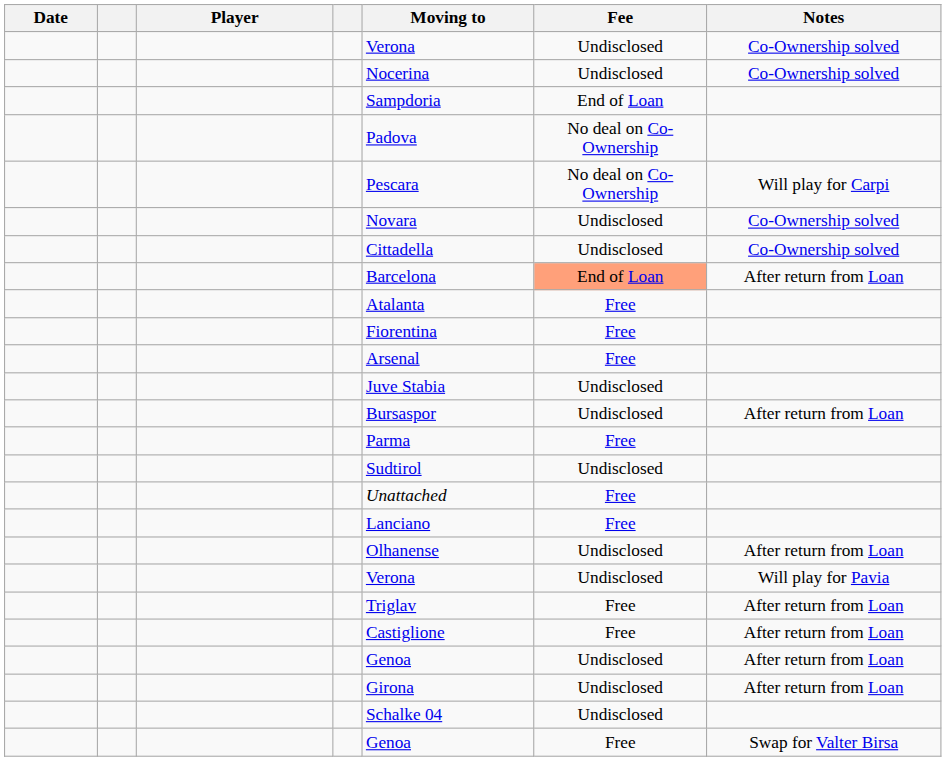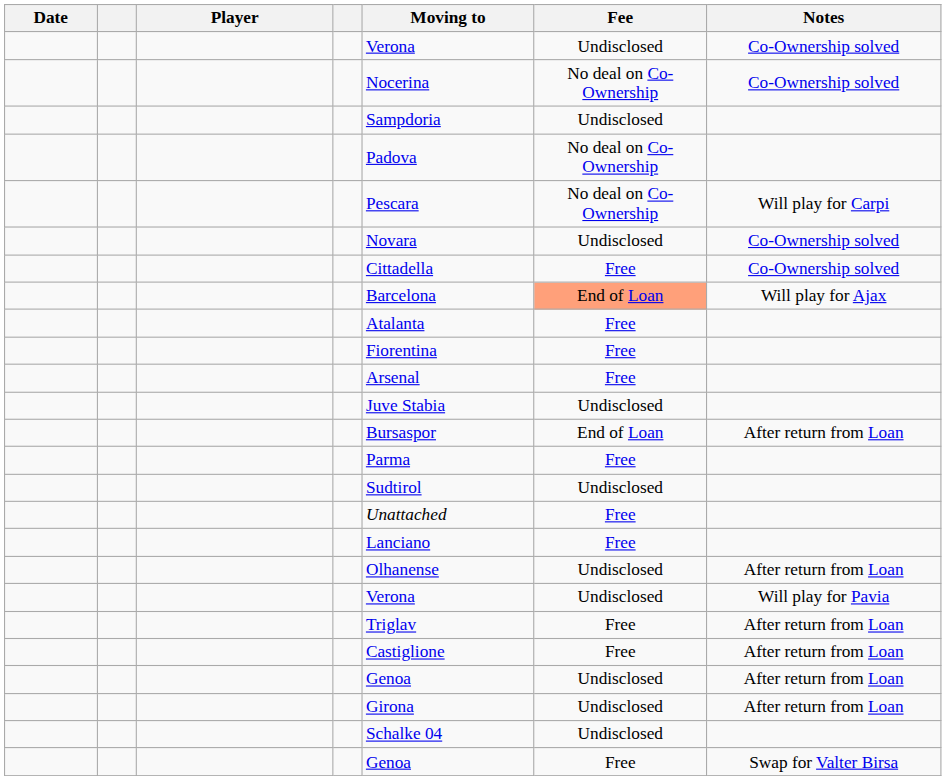 <table class="wikitable sortable">
 <tr>
 <th style="width:80px;">Date</th>
 <th style="width:30px;"></th>
 <th style="width:180px;">Player</th>
 <th style="width:20px;"></th>
 <th style="width:155px;">Moving to</th>
 <th style="width:155px;" class="unsortable">Fee</th>
 <th style="width:215px;" class="unsortable">Notes</th>
 </tr>
 <tr>
 <td></td>
 <td align=center></td>
 <td> </td>
 <td></td>
 <td> <a href='#'>Verona</a></td>
 <td align=center>Undisclosed</td>
 <td align=center><a href='#'>Co-Ownership solved</a></td>
 </tr>
 <tr>
 <td></td>
 <td align=center></td>
 <td> </td>
 <td></td>
 <td> <a href='#'>Nocerina</a></td>
-<td align=center>Undisclosed</td>
+<td align=center>No deal on <a href='#'>Co-Ownership</a></td>
 <td align=center><a href='#'>Co-Ownership solved</a></td>
 </tr>
 <tr>
 <td></td>
 <td align=center></td>
 <td> </td>
 <td></td>
 <td> <a href='#'>Sampdoria</a></td>
-<td align=center>End of <a href='#'>Loan</a></td>
+<td align=center>Undisclosed</td>
 <td align=center></td>
 </tr>
 <tr>
 <td></td>
 <td align=center></td>
 <td> </td>
 <td></td>
 <td> <a href='#'>Padova</a></td>
 <td align=center>No deal on <a href='#'>Co-Ownership</a></td>
 <td align=center></td>
 </tr>
 <tr>
 <td></td>
 <td align=center></td>
 <td> </td>
 <td></td>
 <td> <a href='#'>Pescara</a></td>
 <td align=center>No deal on <a href='#'>Co-Ownership</a></td>
 <td align=center>Will play for <a href='#'>Carpi</a></td>
 </tr>
 <tr>
 <td></td>
 <td align=center></td>
 <td> </td>
 <td></td>
 <td> <a href='#'>Novara</a></td>
 <td align=center>Undisclosed</td>
 <td align=center><a href='#'>Co-Ownership solved</a></td>
 </tr>
 <tr>
 <td></td>
 <td align=center></td>
 <td> </td>
 <td></td>
 <td> <a href='#'>Cittadella</a></td>
-<td align=center>Undisclosed</td>
+<td align=center><a href='#'>Free</a></td>
 <td align=center><a href='#'>Co-Ownership solved</a></td>
 </tr>
 <tr>
 <td></td>
 <td align=center></td>
 <td> </td>
 <td></td>
 <td> <a href='#'>Barcelona</a></td>
 <td align=center style="background: lightsalmon;">End of <a href='#'>Loan</a></td>
-<td align=center>After return from <a href='#'>Loan</a></td>
+<td align=center>Will play for  <a href='#'>Ajax</a></td>
 </tr>
 <tr>
 <td></td>
 <td align=center></td>
 <td> </td>
 <td></td>
 <td> <a href='#'>Atalanta</a></td>
 <td align=center><a href='#'>Free</a></td>
 <td align=center></td>
 </tr>
 <tr>
 <td></td>
 <td align=center></td>
 <td> </td>
 <td></td>
 <td> <a href='#'>Fiorentina</a></td>
 <td align=center><a href='#'>Free</a></td>
 <td align=center></td>
 </tr>
 <tr>
 <td></td>
 <td align=center></td>
 <td> </td>
 <td></td>
 <td> <a href='#'>Arsenal</a></td>
 <td align=center><a href='#'>Free</a></td>
 <td align=center></td>
 </tr>
 <tr>
 <td></td>
 <td align=center></td>
 <td> </td>
 <td></td>
 <td> <a href='#'>Juve Stabia</a></td>
 <td align=center>Undisclosed</td>
 <td align=center></td>
 </tr>
 <tr>
 <td></td>
 <td align=center></td>
 <td> </td>
 <td></td>
 <td> <a href='#'>Bursaspor</a></td>
-<td align=center>Undisclosed</td>
+<td align=center>End of <a href='#'>Loan</a></td>
 <td align=center>After return from <a href='#'>Loan</a></td>
 </tr>
 <tr>
 <td></td>
 <td align=center></td>
 <td> </td>
 <td></td>
 <td> <a href='#'>Parma</a></td>
 <td align=center><a href='#'>Free</a></td>
 <td align=center></td>
 </tr>
 <tr>
 <td></td>
 <td align=center></td>
 <td> </td>
 <td></td>
 <td> <a href='#'>Sudtirol</a></td>
 <td align=center>Undisclosed</td>
 <td align=center></td>
 </tr>
 <tr>
 <td></td>
 <td align=center></td>
 <td> </td>
 <td></td>
 <td><em>Unattached</em></td>
 <td align=center><a href='#'>Free</a></td>
 <td align=center></td>
 </tr>
 <tr>
 <td></td>
 <td align=center></td>
 <td> </td>
 <td></td>
 <td> <a href='#'>Lanciano</a></td>
 <td align=center><a href='#'>Free</a></td>
 <td align=center></td>
 </tr>
 <tr>
 <td></td>
 <td align=center></td>
 <td> </td>
 <td></td>
 <td> <a href='#'>Olhanense</a></td>
 <td align=center>Undisclosed</td>
 <td align=center>After return from <a href='#'>Loan</a></td>
 </tr>
 <tr>
 <td></td>
 <td align=center></td>
 <td> </td>
 <td></td>
 <td> <a href='#'>Verona</a></td>
 <td align=center>Undisclosed</td>
 <td align=center>Will play for  <a href='#'>Pavia</a></td>
 </tr>
 <tr>
 <td></td>
 <td align=center></td>
 <td> </td>
 <td></td>
 <td> <a href='#'>Triglav</a></td>
 <td align=center>Free</td>
 <td align=center>After return from <a href='#'>Loan</a></td>
 </tr>
 <tr>
 <td></td>
 <td align=center></td>
 <td> </td>
 <td></td>
 <td> <a href='#'>Castiglione</a></td>
 <td align=center>Free</td>
 <td align=center>After return from <a href='#'>Loan</a></td>
 </tr>
 <tr>
 <td></td>
 <td align=center></td>
 <td> </td>
 <td></td>
 <td> <a href='#'>Genoa</a></td>
 <td align=center>Undisclosed</td>
 <td align=center>After return from <a href='#'>Loan</a></td>
 </tr>
 <tr>
 <td></td>
 <td align=center></td>
 <td> </td>
 <td></td>
 <td> <a href='#'>Girona</a></td>
 <td align=center>Undisclosed</td>
 <td align=center>After return from <a href='#'>Loan</a></td>
 </tr>
 <tr>
 <td></td>
 <td align=center></td>
 <td> </td>
 <td></td>
 <td> <a href='#'>Schalke 04</a></td>
 <td align=center>Undisclosed</td>
 <td></td>
 </tr>
 <tr>
 <td></td>
 <td align=center></td>
 <td> </td>
 <td></td>
 <td> <a href='#'>Genoa</a></td>
 <td align=center>Free</td>
 <td align=center>Swap for <a href='#'>Valter Birsa</a></td>
 </tr>
 </table>
